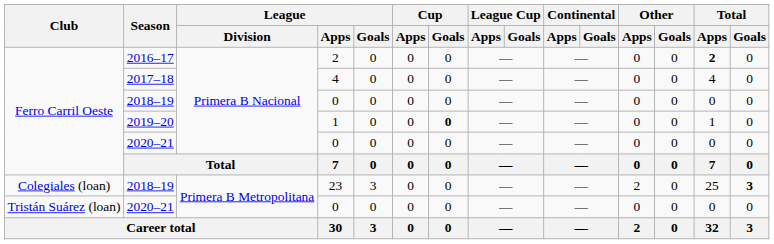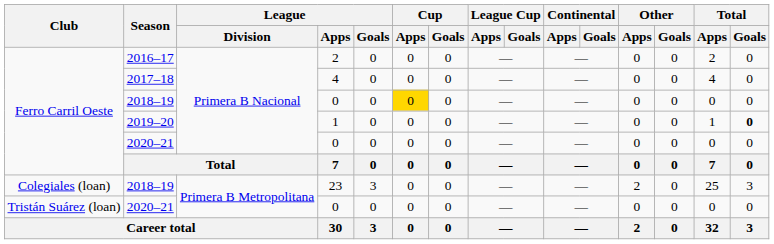 <table class="wikitable" style="text-align:center">
 <tr>
 <th rowspan="2">Club</th>
 <th rowspan="2">Season</th>
 <th colspan="3">League</th>
 <th colspan="2">Cup</th>
 <th colspan="2">League Cup</th>
 <th colspan="2">Continental</th>
 <th colspan="2">Other</th>
 <th colspan="2">Total</th>
 </tr>
 <tr>
 <th>Division</th>
 <th>Apps</th>
 <th>Goals</th>
 <th>Apps</th>
 <th>Goals</th>
 <th>Apps</th>
 <th>Goals</th>
 <th>Apps</th>
 <th>Goals</th>
 <th>Apps</th>
 <th>Goals</th>
 <th>Apps</th>
 <th>Goals</th>
 </tr>
 <tr>
 <td rowspan="6"><a href='#'>Ferro Carril Oeste</a></td>
 <td><a href='#'>2016–17</a></td>
 <td rowspan="5"><a href='#'>Primera B Nacional</a></td>
 <td>2</td>
 <td>0</td>
 <td>0</td>
 <td>0</td>
 <td colspan="2">—</td>
 <td colspan="2">—</td>
 <td>0</td>
 <td>0</td>
-<td><strong>2</strong></td>
+<td>2</td>
 <td>0</td>
 </tr>
 <tr>
 <td><a href='#'>2017–18</a></td>
 <td>4</td>
 <td>0</td>
 <td>0</td>
 <td>0</td>
 <td colspan="2">—</td>
 <td colspan="2">—</td>
 <td>0</td>
 <td>0</td>
 <td>4</td>
 <td>0</td>
 </tr>
 <tr>
 <td><a href='#'>2018–19</a></td>
 <td>0</td>
 <td>0</td>
-<td>0</td>
+<td style="background: gold;">0</td>
 <td>0</td>
 <td colspan="2">—</td>
 <td colspan="2">—</td>
 <td>0</td>
 <td>0</td>
 <td>0</td>
 <td>0</td>
 </tr>
 <tr>
 <td><a href='#'>2019–20</a></td>
 <td>1</td>
 <td>0</td>
 <td>0</td>
-<td><strong>0</strong></td>
+<td>0</td>
 <td colspan="2">—</td>
 <td colspan="2">—</td>
 <td>0</td>
 <td>0</td>
 <td>1</td>
-<td>0</td>
+<td><strong>0</strong></td>
 </tr>
 <tr>
 <td><a href='#'>2020–21</a></td>
 <td>0</td>
 <td>0</td>
 <td>0</td>
 <td>0</td>
 <td colspan="2">—</td>
 <td colspan="2">—</td>
 <td>0</td>
 <td>0</td>
 <td>0</td>
 <td>0</td>
 </tr>
 <tr>
 <th colspan="2">Total</th>
 <th>7</th>
 <th>0</th>
 <th>0</th>
 <th>0</th>
 <th colspan="2">—</th>
 <th colspan="2">—</th>
 <th>0</th>
 <th>0</th>
 <th>7</th>
 <th>0</th>
 </tr>
 <tr>
 <td rowspan="1"><a href='#'>Colegiales</a> (loan)</td>
 <td><a href='#'>2018–19</a></td>
 <td rowspan="2"><a href='#'>Primera B Metropolitana</a></td>
 <td>23</td>
 <td>3</td>
 <td>0</td>
 <td>0</td>
 <td colspan="2">—</td>
 <td colspan="2">—</td>
 <td>2</td>
 <td>0</td>
 <td>25</td>
-<td><strong>3</strong></td>
+<td>3</td>
 </tr>
 <tr>
 <td rowspan="1"><a href='#'>Tristán Suárez</a> (loan)</td>
 <td><a href='#'>2020–21</a></td>
 <td>0</td>
 <td>0</td>
 <td>0</td>
 <td>0</td>
 <td colspan="2">—</td>
 <td colspan="2">—</td>
 <td>0</td>
 <td>0</td>
 <td>0</td>
 <td>0</td>
 </tr>
 <tr>
 <th colspan="3">Career total</th>
 <th>30</th>
 <th>3</th>
 <th>0</th>
 <th>0</th>
 <th colspan="2">—</th>
 <th colspan="2">—</th>
 <th>2</th>
 <th>0</th>
 <th>32</th>
 <th>3</th>
 </tr>
 </table>
